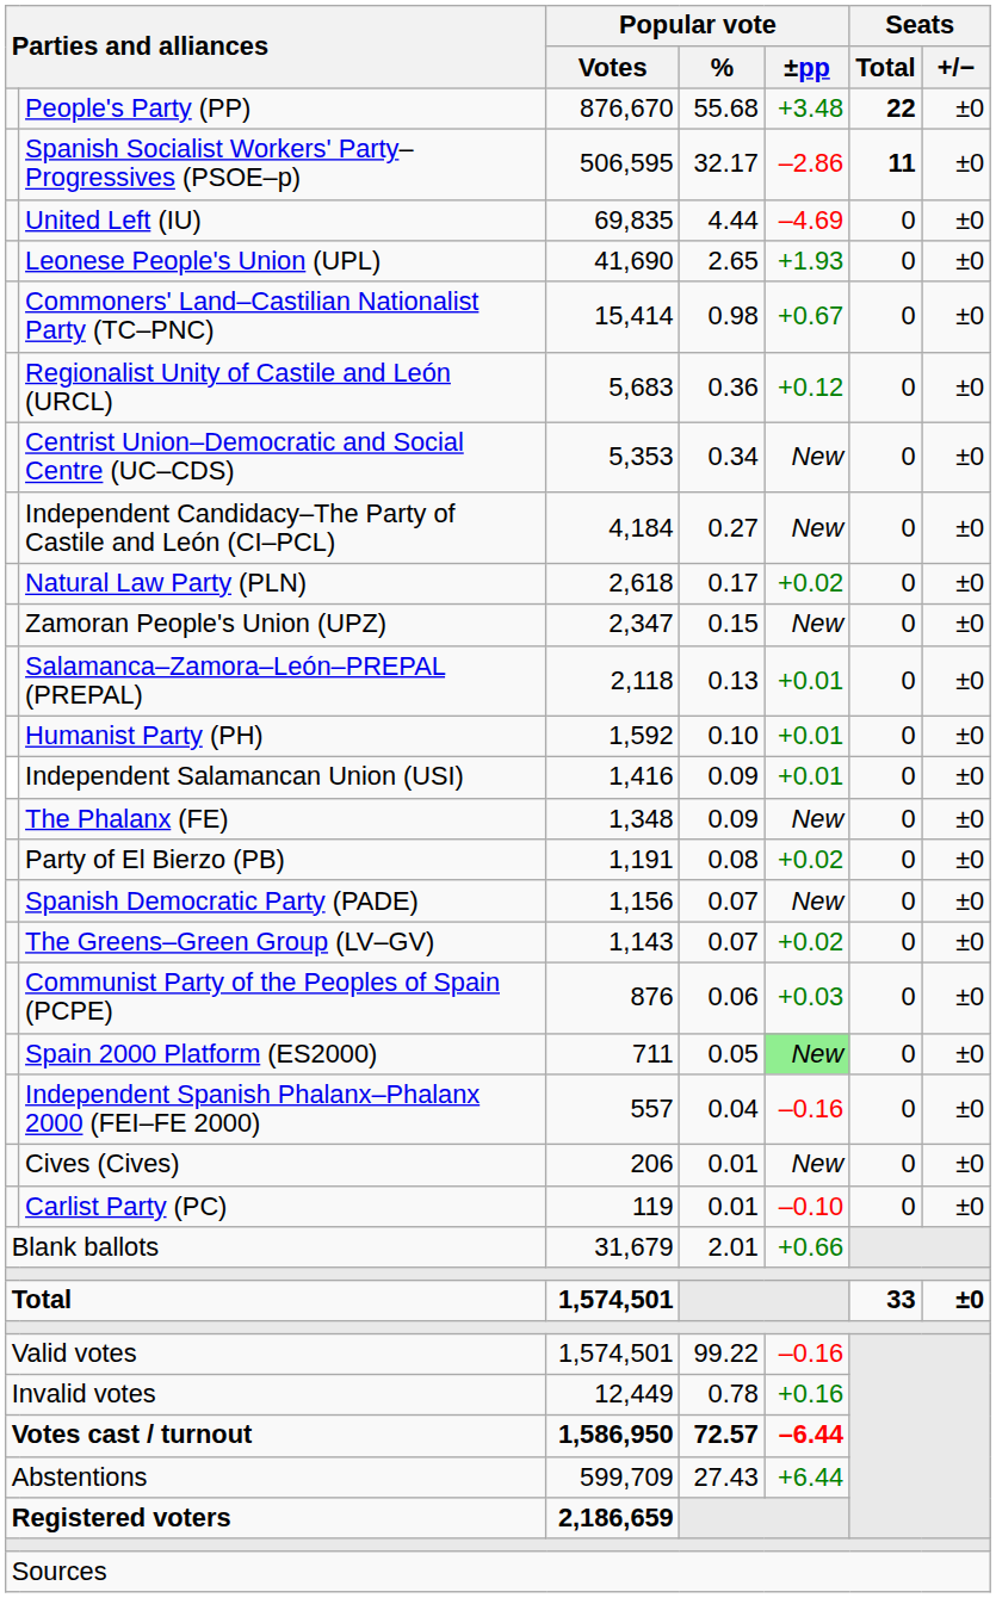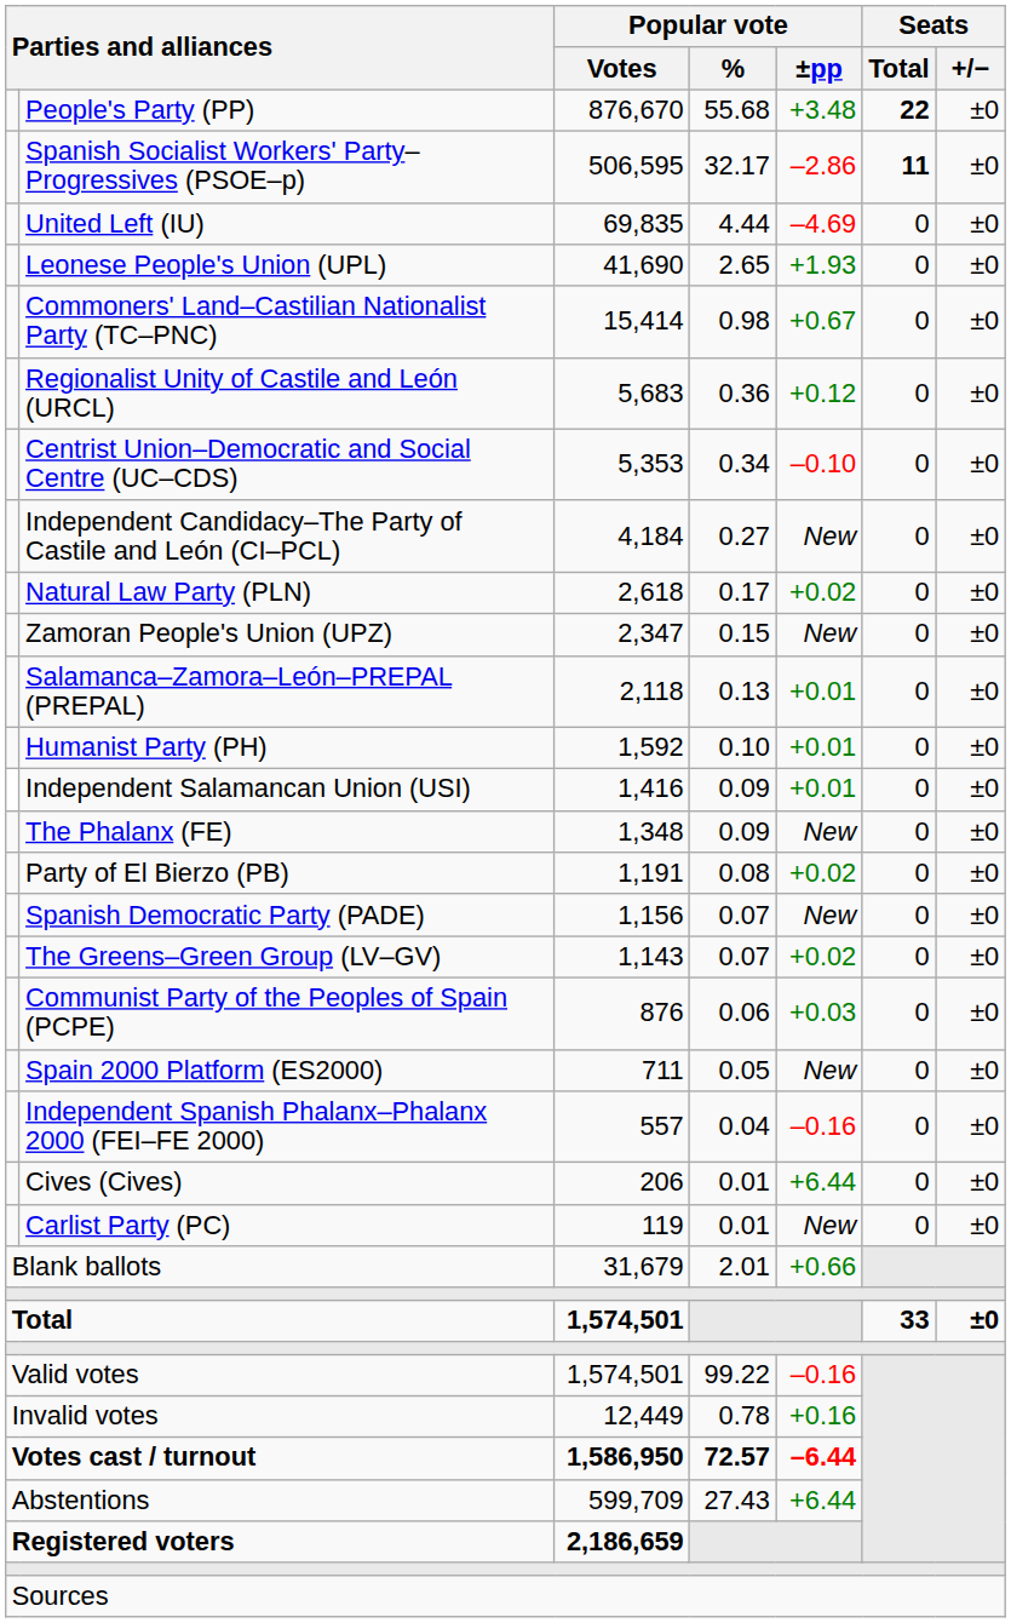 <table class="wikitable" style="text-align:right;">
 <tr>
 <th style="text-align:left;" rowspan="2" colspan="2" width="525">Parties and alliances</th>
 <th colspan="3">Popular vote</th>
 <th colspan="2">Seats</th>
 </tr>
 <tr>
 <th width="75">Votes</th>
 <th width="45">%</th>
 <th width="45">±<a href='#'>pp</a></th>
 <th width="35">Total</th>
 <th width="35">+/−</th>
 </tr>
 <tr>
 <td width="1" style="color:inherit;background:"></td>
 <td align="left"><a href='#'>People's Party</a> (PP)</td>
 <td>876,670</td>
 <td>55.68</td>
 <td style="color:green;">+3.48</td>
 <td><strong>22</strong></td>
 <td>±0</td>
 </tr>
 <tr>
 <td style="color:inherit;background:"></td>
 <td align="left"><a href='#'>Spanish Socialist Workers' Party</a>–<a href='#'>Progressives</a> (PSOE–p)</td>
 <td>506,595</td>
 <td>32.17</td>
 <td style="color:red;">–2.86</td>
 <td><strong>11</strong></td>
 <td>±0</td>
 </tr>
 <tr>
 <td style="color:inherit;background:"></td>
 <td align="left"><a href='#'>United Left</a> (IU)</td>
 <td>69,835</td>
 <td>4.44</td>
 <td style="color:red;">–4.69</td>
 <td>0</td>
 <td>±0</td>
 </tr>
 <tr>
 <td style="color:inherit;background:"></td>
 <td align="left"><a href='#'>Leonese People's Union</a> (UPL)</td>
 <td>41,690</td>
 <td>2.65</td>
 <td style="color:green;">+1.93</td>
 <td>0</td>
 <td>±0</td>
 </tr>
 <tr>
 <td style="color:inherit;background:"></td>
 <td align="left"><a href='#'>Commoners' Land–Castilian Nationalist Party</a> (TC–PNC)</td>
 <td>15,414</td>
 <td>0.98</td>
 <td style="color:green;">+0.67</td>
 <td>0</td>
 <td>±0</td>
 </tr>
 <tr>
 <td style="color:inherit;background:"></td>
 <td align="left"><a href='#'>Regionalist Unity of Castile and León</a> (URCL)</td>
 <td>5,683</td>
 <td>0.36</td>
 <td style="color:green;">+0.12</td>
 <td>0</td>
 <td>±0</td>
 </tr>
 <tr>
 <td style="color:inherit;background:"></td>
 <td align="left"><a href='#'>Centrist Union–Democratic and Social Centre</a> (UC–CDS)</td>
 <td>5,353</td>
 <td>0.34</td>
-<td><em>New</em></td>
+<td style="color:red;">–0.10</td>
 <td>0</td>
 <td>±0</td>
 </tr>
 <tr>
 <td style="color:inherit;background:"></td>
 <td align="left">Independent Candidacy–The Party of Castile and León (CI–PCL)</td>
 <td>4,184</td>
 <td>0.27</td>
 <td><em>New</em></td>
 <td>0</td>
 <td>±0</td>
 </tr>
 <tr>
 <td style="color:inherit;background:"></td>
 <td align="left"><a href='#'>Natural Law Party</a> (PLN)</td>
 <td>2,618</td>
 <td>0.17</td>
 <td style="color:green;">+0.02</td>
 <td>0</td>
 <td>±0</td>
 </tr>
 <tr>
 <td style="color:inherit;background:"></td>
 <td align="left">Zamoran People's Union (UPZ)</td>
 <td>2,347</td>
 <td>0.15</td>
 <td><em>New</em></td>
 <td>0</td>
 <td>±0</td>
 </tr>
 <tr>
 <td style="color:inherit;background:"></td>
 <td align="left"><a href='#'>Salamanca–Zamora–León–PREPAL</a> (PREPAL)</td>
 <td>2,118</td>
 <td>0.13</td>
 <td style="color:green;">+0.01</td>
 <td>0</td>
 <td>±0</td>
 </tr>
 <tr>
 <td style="color:inherit;background:"></td>
 <td align="left"><a href='#'>Humanist Party</a> (PH)</td>
 <td>1,592</td>
 <td>0.10</td>
 <td style="color:green;">+0.01</td>
 <td>0</td>
 <td>±0</td>
 </tr>
 <tr>
 <td bgcolor="white"></td>
 <td align="left">Independent Salamancan Union (USI)</td>
 <td>1,416</td>
 <td>0.09</td>
 <td style="color:green;">+0.01</td>
 <td>0</td>
 <td>±0</td>
 </tr>
 <tr>
 <td style="color:inherit;background:"></td>
 <td align="left"><a href='#'>The Phalanx</a> (FE)</td>
 <td>1,348</td>
 <td>0.09</td>
 <td><em>New</em></td>
 <td>0</td>
 <td>±0</td>
 </tr>
 <tr>
 <td style="color:inherit;background:"></td>
 <td align="left">Party of El Bierzo (PB)</td>
 <td>1,191</td>
 <td>0.08</td>
 <td style="color:green;">+0.02</td>
 <td>0</td>
 <td>±0</td>
 </tr>
 <tr>
 <td style="color:inherit;background:"></td>
 <td align="left"><a href='#'>Spanish Democratic Party</a> (PADE)</td>
 <td>1,156</td>
 <td>0.07</td>
 <td><em>New</em></td>
 <td>0</td>
 <td>±0</td>
 </tr>
 <tr>
 <td style="color:inherit;background:"></td>
 <td align="left"><a href='#'>The Greens–Green Group</a> (LV–GV)</td>
 <td>1,143</td>
 <td>0.07</td>
 <td style="color:green;">+0.02</td>
 <td>0</td>
 <td>±0</td>
 </tr>
 <tr>
 <td style="color:inherit;background:"></td>
 <td align="left"><a href='#'>Communist Party of the Peoples of Spain</a> (PCPE)</td>
 <td>876</td>
 <td>0.06</td>
 <td style="color:green;">+0.03</td>
 <td>0</td>
 <td>±0</td>
 </tr>
 <tr>
 <td style="color:inherit;background:"></td>
 <td align="left"><a href='#'>Spain 2000 Platform</a> (ES2000)</td>
 <td>711</td>
 <td>0.05</td>
-<td style="background: lightgreen;"><em>New</em></td>
+<td><em>New</em></td>
 <td>0</td>
 <td>±0</td>
 </tr>
 <tr>
 <td style="color:inherit;background:"></td>
 <td align="left"><a href='#'>Independent Spanish Phalanx–Phalanx 2000</a> (FEI–FE 2000)</td>
 <td>557</td>
 <td>0.04</td>
 <td style="color:red;">–0.16</td>
 <td>0</td>
 <td>±0</td>
 </tr>
 <tr>
 <td style="color:inherit;background:"></td>
 <td align="left">Cives (Cives)</td>
 <td>206</td>
 <td>0.01</td>
-<td><em>New</em></td>
+<td style="color:green;">+6.44</td>
 <td>0</td>
 <td>±0</td>
 </tr>
 <tr>
 <td style="color:inherit;background:"></td>
 <td align="left"><a href='#'>Carlist Party</a> (PC)</td>
 <td>119</td>
 <td>0.01</td>
-<td style="color:red;">–0.10</td>
+<td><em>New</em></td>
 <td>0</td>
 <td>±0</td>
 </tr>
 <tr>
 <td align="left" colspan="2">Blank ballots</td>
 <td>31,679</td>
 <td>2.01</td>
 <td style="color:green;">+0.66</td>
 <td bgcolor="#E9E9E9" colspan="2"></td>
 </tr>
 <tr>
 <td colspan="7" bgcolor="#E9E9E9"></td>
 </tr>
 <tr style="font-weight:bold;">
 <td align="left" colspan="2">Total</td>
 <td>1,574,501</td>
 <td bgcolor="#E9E9E9" colspan="2"></td>
 <td>33</td>
 <td>±0</td>
 </tr>
 <tr>
 <td colspan="7" bgcolor="#E9E9E9"></td>
 </tr>
 <tr>
 <td align="left" colspan="2">Valid votes</td>
 <td>1,574,501</td>
 <td>99.22</td>
 <td style="color:red;">–0.16</td>
 <td bgcolor="#E9E9E9" colspan="2" rowspan="5"></td>
 </tr>
 <tr>
 <td align="left" colspan="2">Invalid votes</td>
 <td>12,449</td>
 <td>0.78</td>
 <td style="color:green;">+0.16</td>
 </tr>
 <tr style="font-weight:bold;">
 <td align="left" colspan="2">Votes cast / turnout</td>
 <td>1,586,950</td>
 <td>72.57</td>
 <td style="color:red;">–6.44</td>
 </tr>
 <tr>
 <td align="left" colspan="2">Abstentions</td>
 <td>599,709</td>
 <td>27.43</td>
 <td style="color:green;">+6.44</td>
 </tr>
 <tr style="font-weight:bold;">
 <td align="left" colspan="2">Registered voters</td>
 <td>2,186,659</td>
 <td bgcolor="#E9E9E9" colspan="2"></td>
 </tr>
 <tr>
 <td colspan="7" bgcolor="#E9E9E9"></td>
 </tr>
 <tr>
 <td align="left" colspan="7">Sources</td>
 </tr>
 </table>
